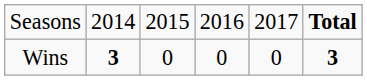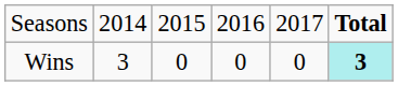 <table class="wikitable sortable">
 <tr>
 <td>Seasons</td>
 <td>2014</td>
 <td>2015</td>
 <td>2016</td>
 <td>2017</td>
 <td><strong>Total</strong></td>
 </tr>
 <tr align=center>
 <td>Wins</td>
-<td><strong>3</strong></td>
+<td>3</td>
 <td>0</td>
 <td>0</td>
 <td>0</td>
-<td><strong>3</strong></td>
+<td style="background: paleturquoise;"><strong>3</strong></td>
 </tr>
 </table>
